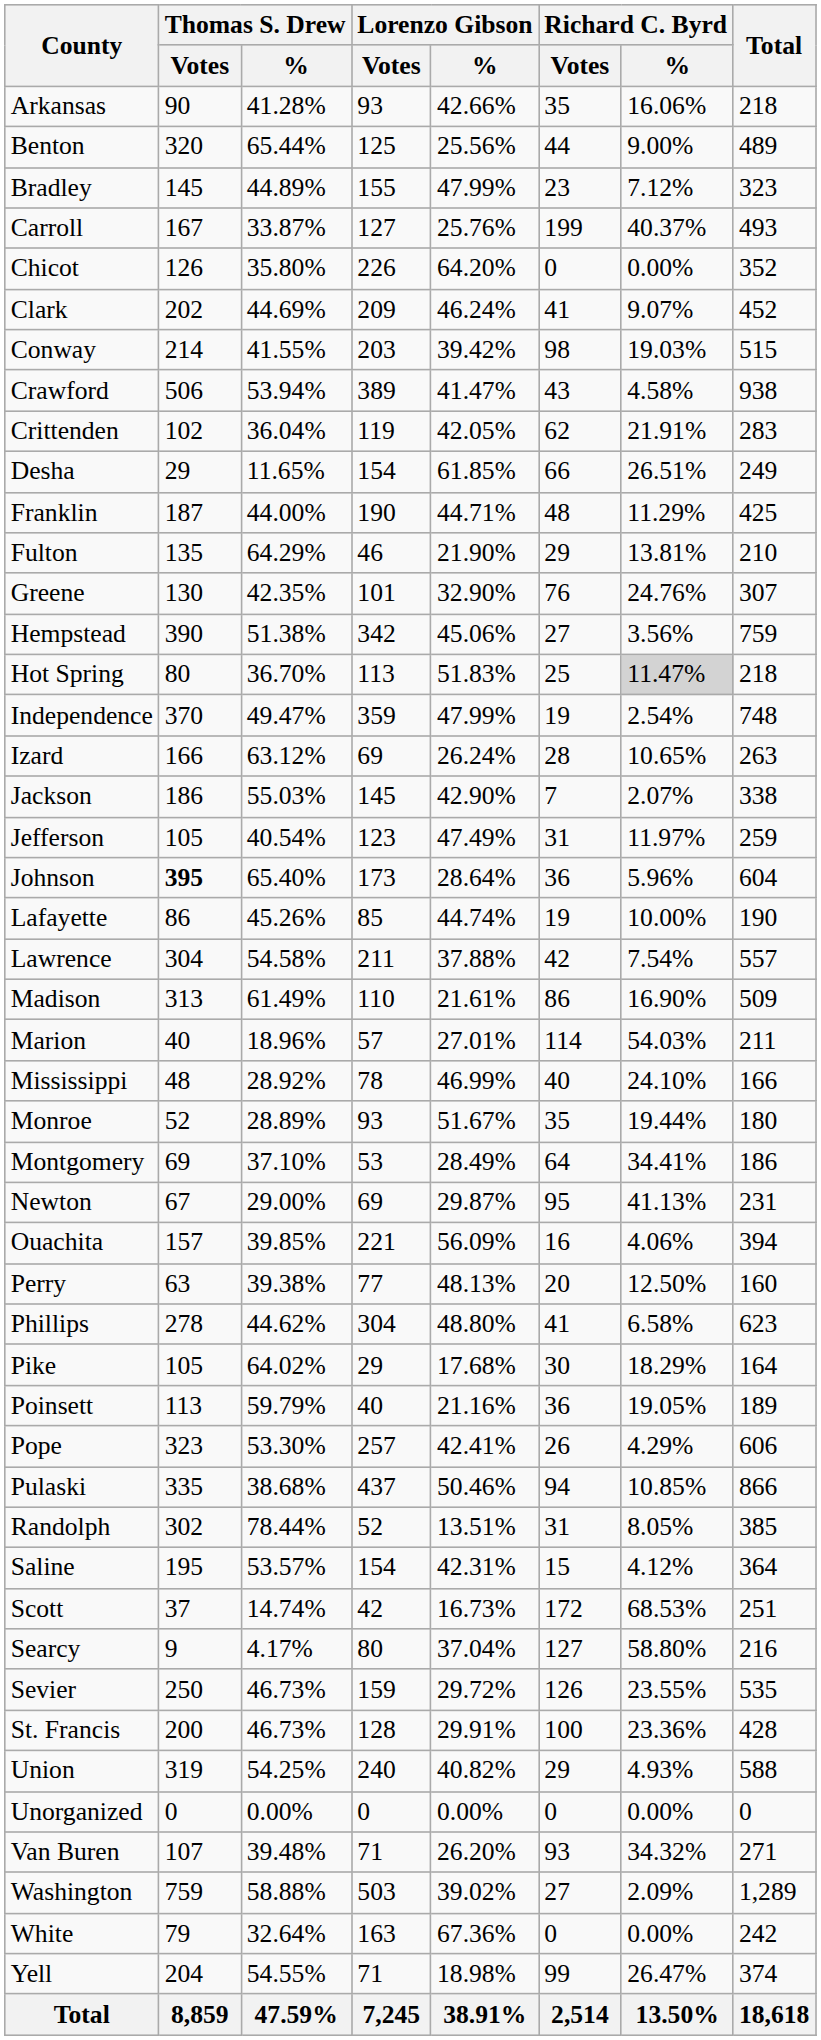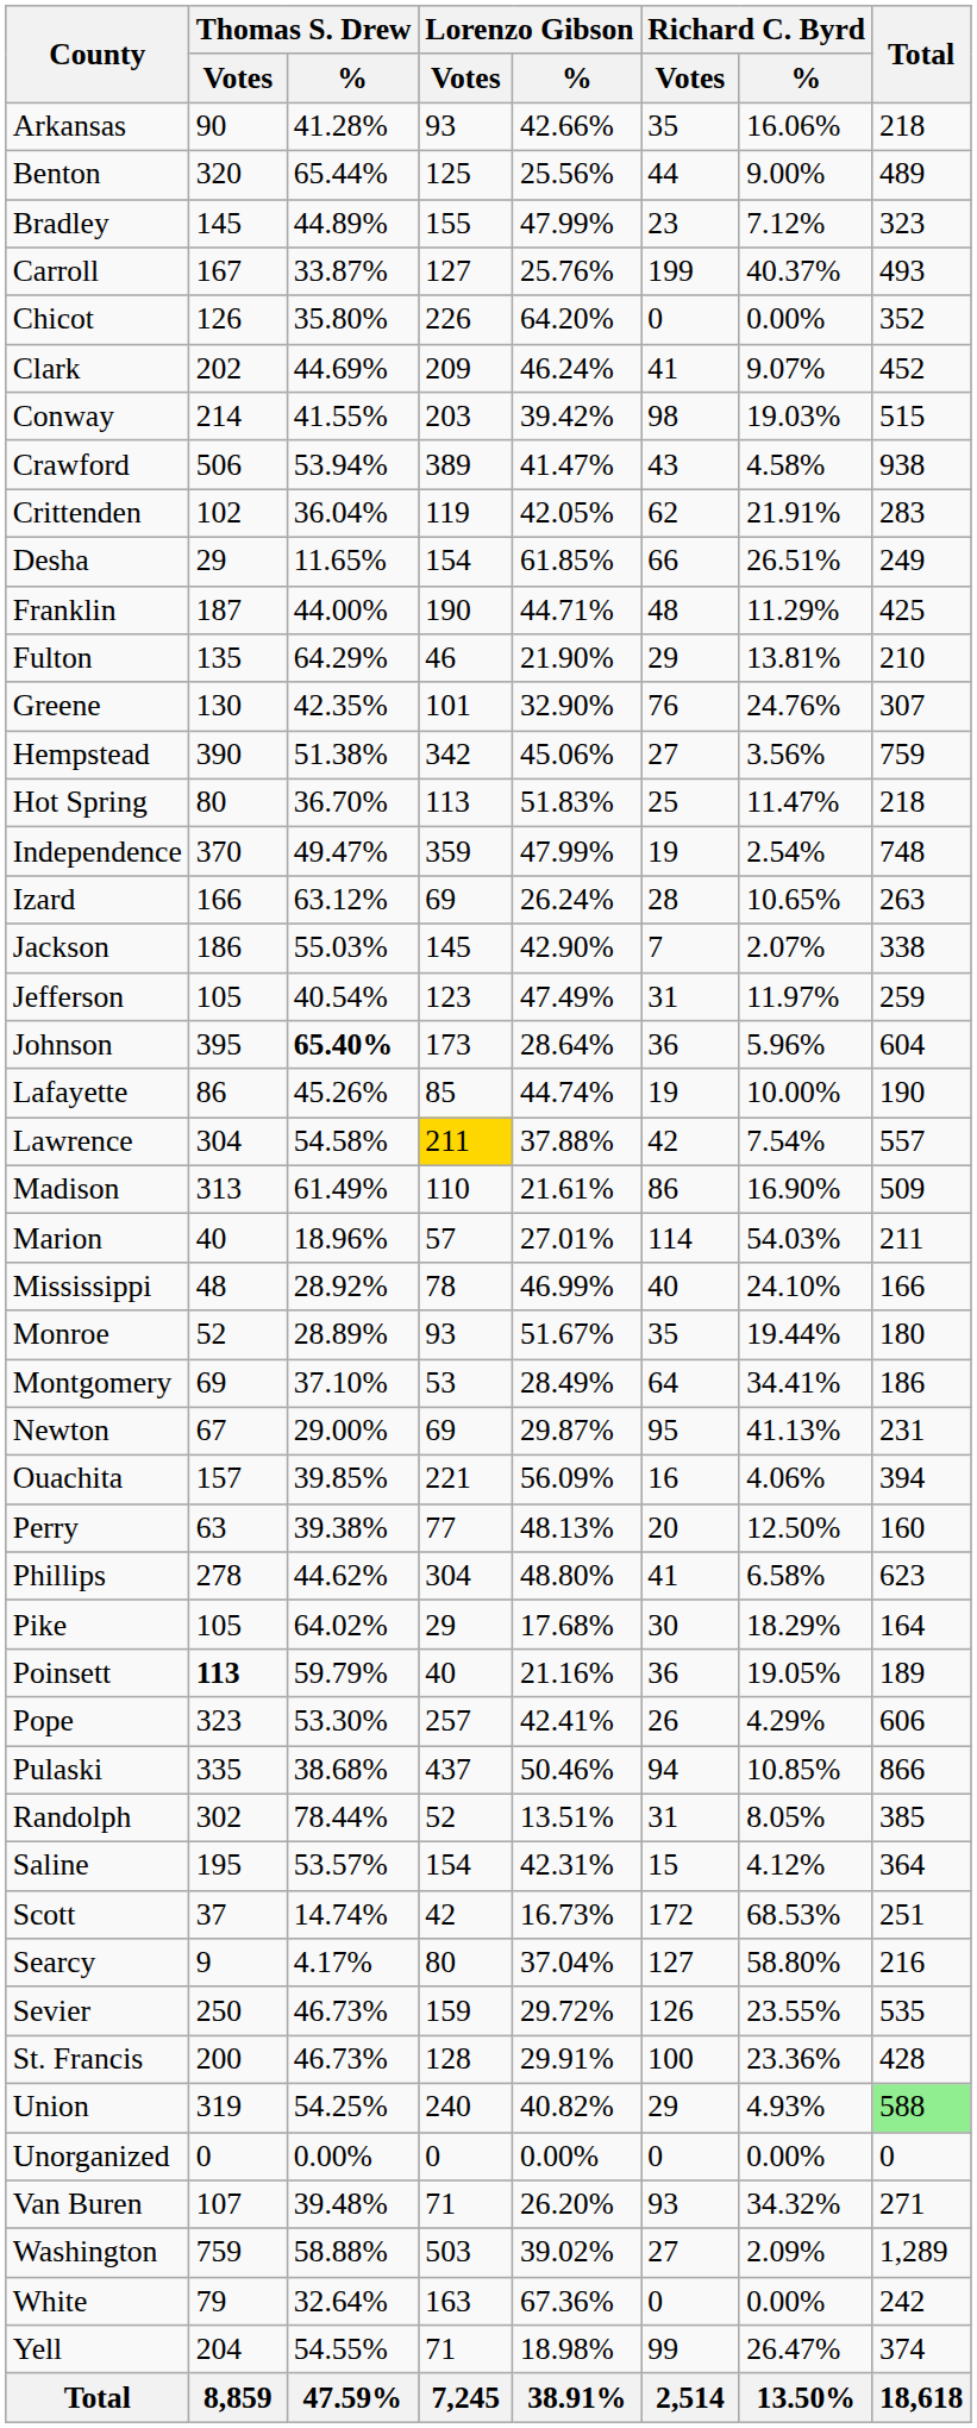 <table class="wikitable sortable mw-collapsible mw-collapsed">
 <tr>
 <th rowspan="2">County</th>
 <th colspan="2">Thomas S. Drew</th>
 <th colspan="2">Lorenzo Gibson</th>
 <th colspan="2">Richard C. Byrd</th>
 <th rowspan="2">Total</th>
 </tr>
 <tr>
 <th>Votes</th>
 <th>%</th>
 <th>Votes</th>
 <th>%</th>
 <th>Votes</th>
 <th>%</th>
 </tr>
 <tr>
 <td>Arkansas</td>
 <td>90</td>
 <td>41.28%</td>
 <td>93</td>
 <td>42.66%</td>
 <td>35</td>
 <td>16.06%</td>
 <td>218</td>
 </tr>
 <tr>
 <td>Benton</td>
 <td>320</td>
 <td>65.44%</td>
 <td>125</td>
 <td>25.56%</td>
 <td>44</td>
 <td>9.00%</td>
 <td>489</td>
 </tr>
 <tr>
 <td>Bradley</td>
 <td>145</td>
 <td>44.89%</td>
 <td>155</td>
 <td>47.99%</td>
 <td>23</td>
 <td>7.12%</td>
 <td>323</td>
 </tr>
 <tr>
 <td>Carroll</td>
 <td>167</td>
 <td>33.87%</td>
 <td>127</td>
 <td>25.76%</td>
 <td>199</td>
 <td>40.37%</td>
 <td>493</td>
 </tr>
 <tr>
 <td>Chicot</td>
 <td>126</td>
 <td>35.80%</td>
 <td>226</td>
 <td>64.20%</td>
 <td>0</td>
 <td>0.00%</td>
 <td>352</td>
 </tr>
 <tr>
 <td>Clark</td>
 <td>202</td>
 <td>44.69%</td>
 <td>209</td>
 <td>46.24%</td>
 <td>41</td>
 <td>9.07%</td>
 <td>452</td>
 </tr>
 <tr>
 <td>Conway</td>
 <td>214</td>
 <td>41.55%</td>
 <td>203</td>
 <td>39.42%</td>
 <td>98</td>
 <td>19.03%</td>
 <td>515</td>
 </tr>
 <tr>
 <td>Crawford</td>
 <td>506</td>
 <td>53.94%</td>
 <td>389</td>
 <td>41.47%</td>
 <td>43</td>
 <td>4.58%</td>
 <td>938</td>
 </tr>
 <tr>
 <td>Crittenden</td>
 <td>102</td>
 <td>36.04%</td>
 <td>119</td>
 <td>42.05%</td>
 <td>62</td>
 <td>21.91%</td>
 <td>283</td>
 </tr>
 <tr>
 <td>Desha</td>
 <td>29</td>
 <td>11.65%</td>
 <td>154</td>
 <td>61.85%</td>
 <td>66</td>
 <td>26.51%</td>
 <td>249</td>
 </tr>
 <tr>
 <td>Franklin</td>
 <td>187</td>
 <td>44.00%</td>
 <td>190</td>
 <td>44.71%</td>
 <td>48</td>
 <td>11.29%</td>
 <td>425</td>
 </tr>
 <tr>
 <td>Fulton</td>
 <td>135</td>
 <td>64.29%</td>
 <td>46</td>
 <td>21.90%</td>
 <td>29</td>
 <td>13.81%</td>
 <td>210</td>
 </tr>
 <tr>
 <td>Greene</td>
 <td>130</td>
 <td>42.35%</td>
 <td>101</td>
 <td>32.90%</td>
 <td>76</td>
 <td>24.76%</td>
 <td>307</td>
 </tr>
 <tr>
 <td>Hempstead</td>
 <td>390</td>
 <td>51.38%</td>
 <td>342</td>
 <td>45.06%</td>
 <td>27</td>
 <td>3.56%</td>
 <td>759</td>
 </tr>
 <tr>
 <td>Hot Spring</td>
 <td>80</td>
 <td>36.70%</td>
 <td>113</td>
 <td>51.83%</td>
 <td>25</td>
-<td style="background: lightgrey;">11.47%</td>
+<td>11.47%</td>
 <td>218</td>
 </tr>
 <tr>
 <td>Independence</td>
 <td>370</td>
 <td>49.47%</td>
 <td>359</td>
 <td>47.99%</td>
 <td>19</td>
 <td>2.54%</td>
 <td>748</td>
 </tr>
 <tr>
 <td>Izard</td>
 <td>166</td>
 <td>63.12%</td>
 <td>69</td>
 <td>26.24%</td>
 <td>28</td>
 <td>10.65%</td>
 <td>263</td>
 </tr>
 <tr>
 <td>Jackson</td>
 <td>186</td>
 <td>55.03%</td>
 <td>145</td>
 <td>42.90%</td>
 <td>7</td>
 <td>2.07%</td>
 <td>338</td>
 </tr>
 <tr>
 <td>Jefferson</td>
 <td>105</td>
 <td>40.54%</td>
 <td>123</td>
 <td>47.49%</td>
 <td>31</td>
 <td>11.97%</td>
 <td>259</td>
 </tr>
 <tr>
 <td>Johnson</td>
-<td><strong>395</strong></td>
-<td>65.40%</td>
+<td>395</td>
+<td><strong>65.40%</strong></td>
 <td>173</td>
 <td>28.64%</td>
 <td>36</td>
 <td>5.96%</td>
 <td>604</td>
 </tr>
 <tr>
 <td>Lafayette</td>
 <td>86</td>
 <td>45.26%</td>
 <td>85</td>
 <td>44.74%</td>
 <td>19</td>
 <td>10.00%</td>
 <td>190</td>
 </tr>
 <tr>
 <td>Lawrence</td>
 <td>304</td>
 <td>54.58%</td>
-<td>211</td>
+<td style="background: gold;">211</td>
 <td>37.88%</td>
 <td>42</td>
 <td>7.54%</td>
 <td>557</td>
 </tr>
 <tr>
 <td>Madison</td>
 <td>313</td>
 <td>61.49%</td>
 <td>110</td>
 <td>21.61%</td>
 <td>86</td>
 <td>16.90%</td>
 <td>509</td>
 </tr>
 <tr>
 <td>Marion</td>
 <td>40</td>
 <td>18.96%</td>
 <td>57</td>
 <td>27.01%</td>
 <td>114</td>
 <td>54.03%</td>
 <td>211</td>
 </tr>
 <tr>
 <td>Mississippi</td>
 <td>48</td>
 <td>28.92%</td>
 <td>78</td>
 <td>46.99%</td>
 <td>40</td>
 <td>24.10%</td>
 <td>166</td>
 </tr>
 <tr>
 <td>Monroe</td>
 <td>52</td>
 <td>28.89%</td>
 <td>93</td>
 <td>51.67%</td>
 <td>35</td>
 <td>19.44%</td>
 <td>180</td>
 </tr>
 <tr>
 <td>Montgomery</td>
 <td>69</td>
 <td>37.10%</td>
 <td>53</td>
 <td>28.49%</td>
 <td>64</td>
 <td>34.41%</td>
 <td>186</td>
 </tr>
 <tr>
 <td>Newton</td>
 <td>67</td>
 <td>29.00%</td>
 <td>69</td>
 <td>29.87%</td>
 <td>95</td>
 <td>41.13%</td>
 <td>231</td>
 </tr>
 <tr>
 <td>Ouachita</td>
 <td>157</td>
 <td>39.85%</td>
 <td>221</td>
 <td>56.09%</td>
 <td>16</td>
 <td>4.06%</td>
 <td>394</td>
 </tr>
 <tr>
 <td>Perry</td>
 <td>63</td>
 <td>39.38%</td>
 <td>77</td>
 <td>48.13%</td>
 <td>20</td>
 <td>12.50%</td>
 <td>160</td>
 </tr>
 <tr>
 <td>Phillips</td>
 <td>278</td>
 <td>44.62%</td>
 <td>304</td>
 <td>48.80%</td>
 <td>41</td>
 <td>6.58%</td>
 <td>623</td>
 </tr>
 <tr>
 <td>Pike</td>
 <td>105</td>
 <td>64.02%</td>
 <td>29</td>
 <td>17.68%</td>
 <td>30</td>
 <td>18.29%</td>
 <td>164</td>
 </tr>
 <tr>
 <td>Poinsett</td>
-<td>113</td>
+<td><strong>113</strong></td>
 <td>59.79%</td>
 <td>40</td>
 <td>21.16%</td>
 <td>36</td>
 <td>19.05%</td>
 <td>189</td>
 </tr>
 <tr>
 <td>Pope</td>
 <td>323</td>
 <td>53.30%</td>
 <td>257</td>
 <td>42.41%</td>
 <td>26</td>
 <td>4.29%</td>
 <td>606</td>
 </tr>
 <tr>
 <td>Pulaski</td>
 <td>335</td>
 <td>38.68%</td>
 <td>437</td>
 <td>50.46%</td>
 <td>94</td>
 <td>10.85%</td>
 <td>866</td>
 </tr>
 <tr>
 <td>Randolph</td>
 <td>302</td>
 <td>78.44%</td>
 <td>52</td>
 <td>13.51%</td>
 <td>31</td>
 <td>8.05%</td>
 <td>385</td>
 </tr>
 <tr>
 <td>Saline</td>
 <td>195</td>
 <td>53.57%</td>
 <td>154</td>
 <td>42.31%</td>
 <td>15</td>
 <td>4.12%</td>
 <td>364</td>
 </tr>
 <tr>
 <td>Scott</td>
 <td>37</td>
 <td>14.74%</td>
 <td>42</td>
 <td>16.73%</td>
 <td>172</td>
 <td>68.53%</td>
 <td>251</td>
 </tr>
 <tr>
 <td>Searcy</td>
 <td>9</td>
 <td>4.17%</td>
 <td>80</td>
 <td>37.04%</td>
 <td>127</td>
 <td>58.80%</td>
 <td>216</td>
 </tr>
 <tr>
 <td>Sevier</td>
 <td>250</td>
 <td>46.73%</td>
 <td>159</td>
 <td>29.72%</td>
 <td>126</td>
 <td>23.55%</td>
 <td>535</td>
 </tr>
 <tr>
 <td>St. Francis</td>
 <td>200</td>
 <td>46.73%</td>
 <td>128</td>
 <td>29.91%</td>
 <td>100</td>
 <td>23.36%</td>
 <td>428</td>
 </tr>
 <tr>
 <td>Union</td>
 <td>319</td>
 <td>54.25%</td>
 <td>240</td>
 <td>40.82%</td>
 <td>29</td>
 <td>4.93%</td>
-<td>588</td>
+<td style="background: lightgreen;">588</td>
 </tr>
 <tr>
 <td>Unorganized</td>
 <td>0</td>
 <td>0.00%</td>
 <td>0</td>
 <td>0.00%</td>
 <td>0</td>
 <td>0.00%</td>
 <td>0</td>
 </tr>
 <tr>
 <td>Van Buren</td>
 <td>107</td>
 <td>39.48%</td>
 <td>71</td>
 <td>26.20%</td>
 <td>93</td>
 <td>34.32%</td>
 <td>271</td>
 </tr>
 <tr>
 <td>Washington</td>
 <td>759</td>
 <td>58.88%</td>
 <td>503</td>
 <td>39.02%</td>
 <td>27</td>
 <td>2.09%</td>
 <td>1,289</td>
 </tr>
 <tr>
 <td>White</td>
 <td>79</td>
 <td>32.64%</td>
 <td>163</td>
 <td>67.36%</td>
 <td>0</td>
 <td>0.00%</td>
 <td>242</td>
 </tr>
 <tr>
 <td>Yell</td>
 <td>204</td>
 <td>54.55%</td>
 <td>71</td>
 <td>18.98%</td>
 <td>99</td>
 <td>26.47%</td>
 <td>374</td>
 </tr>
 <tr>
 <th>Total</th>
 <th>8,859</th>
 <th>47.59%</th>
 <th>7,245</th>
 <th>38.91%</th>
 <th>2,514</th>
 <th>13.50%</th>
 <th>18,618</th>
 </tr>
 </table>
